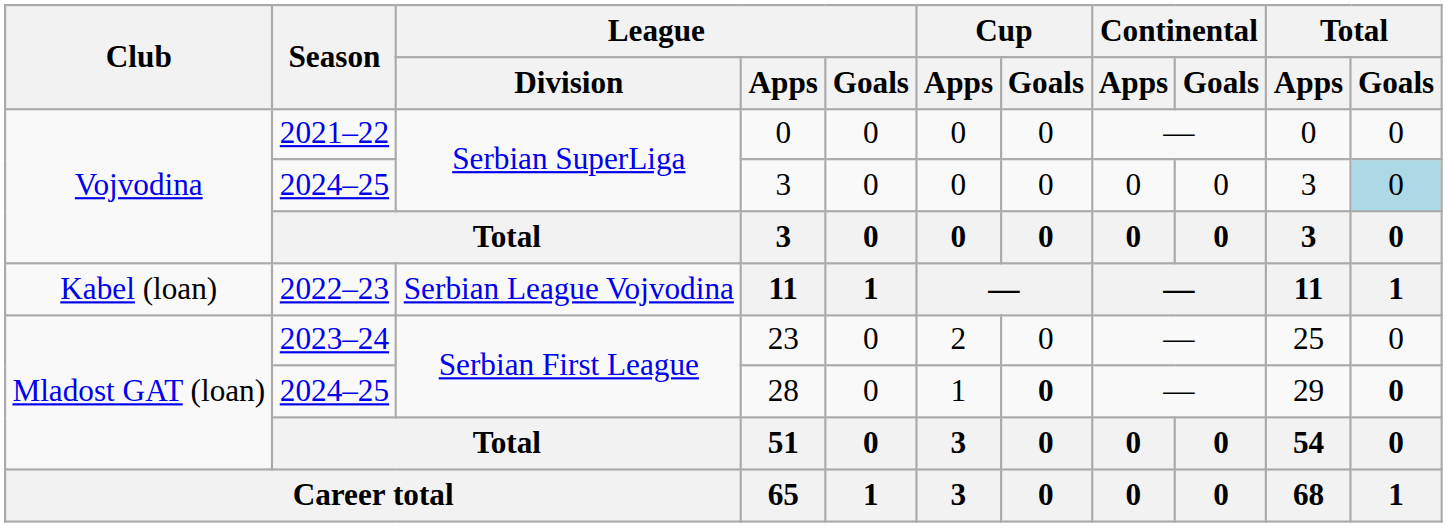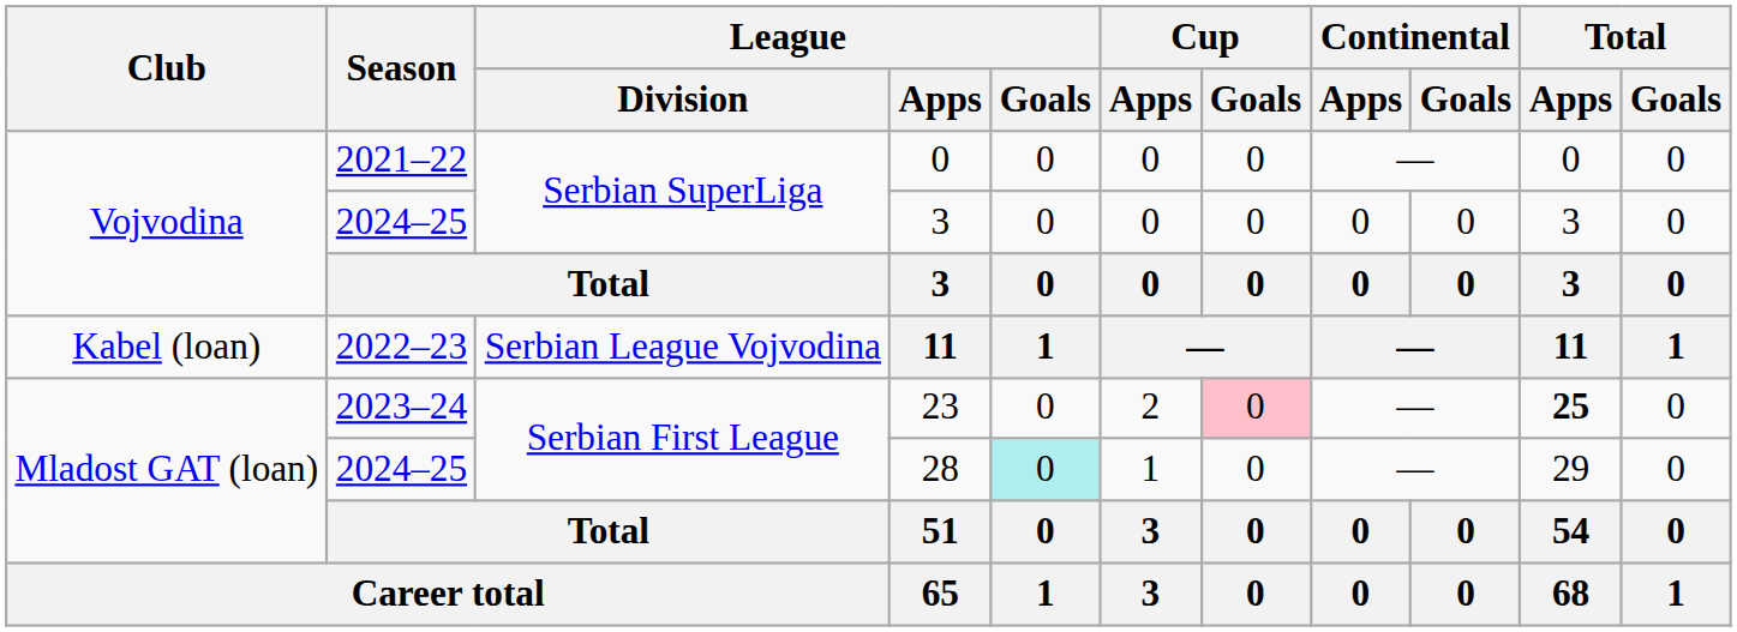 <table class="wikitable" style="text-align: center;font-size:90%">
 <tr>
 <th rowspan="2">Club</th>
 <th rowspan="2">Season</th>
 <th colspan="3">League</th>
 <th colspan="2">Cup</th>
 <th colspan="2">Continental</th>
 <th colspan="2">Total</th>
 </tr>
 <tr>
 <th>Division</th>
 <th>Apps</th>
 <th>Goals</th>
 <th>Apps</th>
 <th>Goals</th>
 <th>Apps</th>
 <th>Goals</th>
 <th>Apps</th>
 <th>Goals</th>
 </tr>
 <tr>
 <td rowspan="3"><a href='#'>Vojvodina</a></td>
 <td><a href='#'>2021–22</a></td>
 <td rowspan="2"><a href='#'>Serbian SuperLiga</a></td>
 <td>0</td>
 <td>0</td>
 <td>0</td>
 <td>0</td>
 <td colspan="2">—</td>
 <td>0</td>
 <td>0</td>
 </tr>
 <tr>
 <td><a href='#'>2024–25</a></td>
 <td>3</td>
 <td>0</td>
 <td>0</td>
 <td>0</td>
 <td>0</td>
 <td>0</td>
 <td>3</td>
-<td style="background: lightblue;">0</td>
+<td>0</td>
 </tr>
 <tr>
 <th colspan="2">Total</th>
 <th>3</th>
 <th>0</th>
 <th>0</th>
 <th>0</th>
 <th>0</th>
 <th>0</th>
 <th>3</th>
 <th>0</th>
 </tr>
 <tr>
 <td><a href='#'>Kabel</a> (loan)</td>
 <td><a href='#'>2022–23</a></td>
 <td><a href='#'>Serbian League Vojvodina</a></td>
 <th>11</th>
 <th>1</th>
 <th colspan="2">—</th>
 <th colspan="2">—</th>
 <th>11</th>
 <th>1</th>
 </tr>
 <tr>
 <td rowspan="3"><a href='#'>Mladost GAT</a> (loan)</td>
 <td><a href='#'>2023–24</a></td>
 <td rowspan="2"><a href='#'>Serbian First League</a></td>
 <td>23</td>
 <td>0</td>
 <td>2</td>
-<td>0</td>
+<td style="background: pink;">0</td>
 <td colspan="2">—</td>
-<td>25</td>
+<td><strong>25</strong></td>
 <td>0</td>
 </tr>
 <tr>
 <td><a href='#'>2024–25</a></td>
 <td>28</td>
+<td style="background: paleturquoise;">0</td>
+<td>1</td>
 <td>0</td>
-<td>1</td>
-<td><strong>0</strong></td>
 <td colspan="2">—</td>
 <td>29</td>
-<td><strong>0</strong></td>
+<td>0</td>
 </tr>
 <tr>
 <th colspan="2">Total</th>
 <th>51</th>
 <th>0</th>
 <th>3</th>
 <th>0</th>
 <th>0</th>
 <th>0</th>
 <th>54</th>
 <th>0</th>
 </tr>
 <tr>
 <th colspan="3">Career total</th>
 <th>65</th>
 <th>1</th>
 <th>3</th>
 <th>0</th>
 <th>0</th>
 <th>0</th>
 <th>68</th>
 <th>1</th>
 </tr>
 </table>
